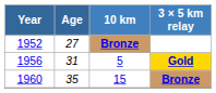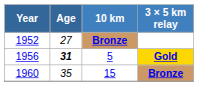 <table class="wikitable" style="font-size:95%; text-align:center; border:grey solid 1px; border-collapse:collapse; background:#ffffff;">
 <tr>
 <th style="background-color:#369; color:white; width:60px;"> Year </th>
 <th style="background-color:#369; color:white; width:40px;"> Age </th>
 <th style="background-color:#4180be; color:white; width:75px;"> 10 km </th>
 <th style="background-color:#4180be; color:white; width:75px;"> 3 × 5 km <br> relay </th>
 </tr>
 <tr>
 <td><a href='#'>1952</a></td>
 <td><em>27</em></td>
 <td bgcolor="cc9966"><a href='#'><strong>Bronze</strong></a></td>
 <td></td>
 </tr>
 <tr>
 <td><a href='#'>1956</a></td>
-<td><em>31</em></td>
+<td><strong><em>31</em></strong></td>
 <td><a href='#'>5</a></td>
 <td style="background:gold;"><a href='#'><strong>Gold</strong></a></td>
 </tr>
 <tr>
 <td><a href='#'>1960</a></td>
 <td><em>35</em></td>
 <td><a href='#'>15</a></td>
 <td bgcolor="cc9966"><a href='#'><strong>Bronze</strong></a></td>
 </tr>
 <tr>
 </tr>
 </table>
